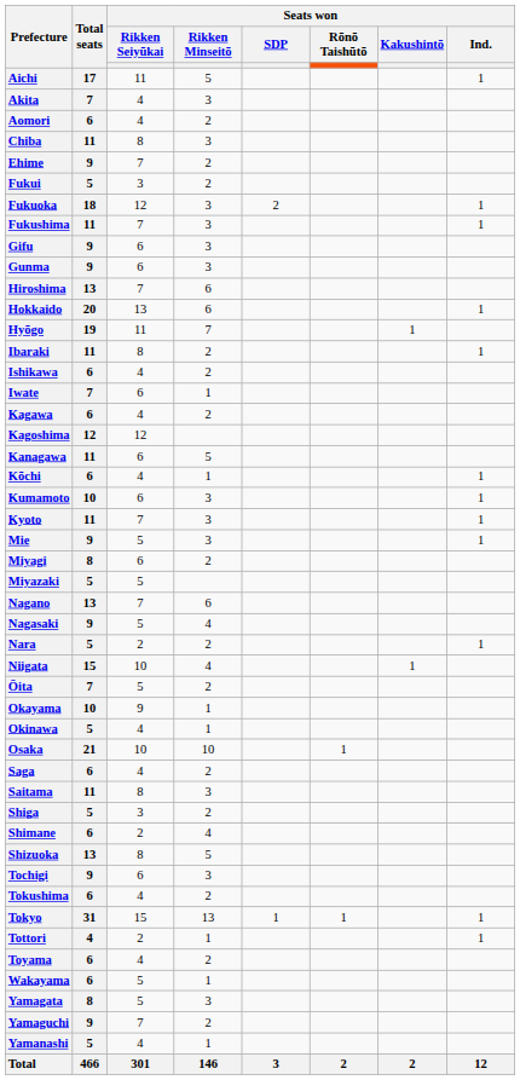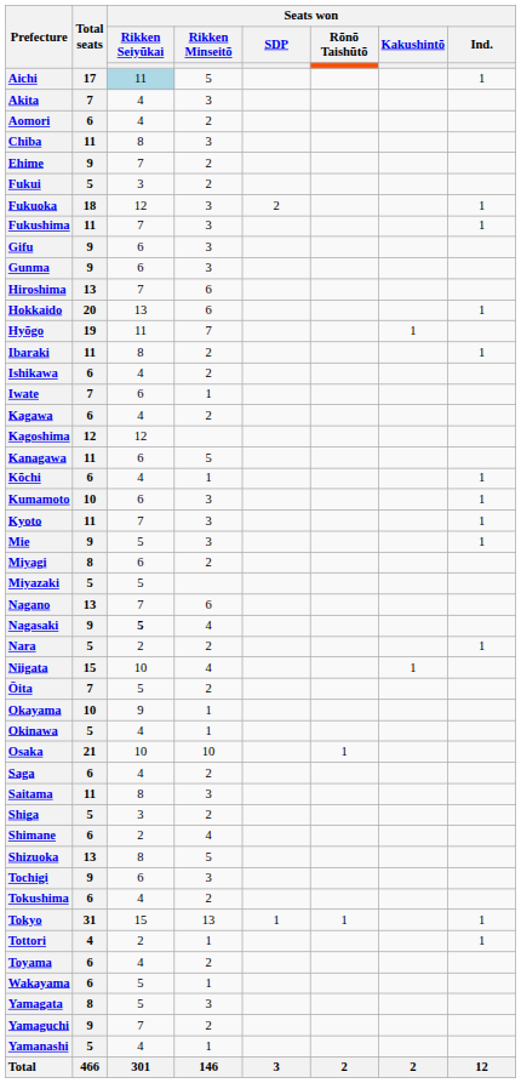 <table class="wikitable" style="text-align:center; font-size: 0.9em;">
 <tr>
 <th rowspan="3">Prefecture</th>
 <th rowspan="3">Total<br>seats</th>
 <th colspan="6">Seats won</th>
 </tr>
 <tr>
 <th class="unsortable" style="width:70px;"><a href='#'>Rikken Seiyūkai</a></th>
 <th class="unsortable" style="width:70px;"><a href='#'>Rikken Minseitō</a></th>
 <th class="unsortable" style="width:70px;"><a href='#'>SDP</a></th>
 <th class="unsortable" style="width:70px;">Rōnō Taishūtō</th>
 <th class="unsortable" style="width:70px;"><a href='#'>Kakushintō</a></th>
 <th class="unsortable" style="width:70px;">Ind.</th>
 </tr>
 <tr>
 <th style="background:"></th>
 <th style="background:"></th>
 <th style="background:"></th>
 <th style="background:#f94f05;"></th>
 <th style="background:"></th>
 <th style="background:"></th>
 </tr>
 <tr>
 <th style="text-align: left;"><a href='#'>Aichi</a></th>
 <th>17</th>
-<td>11</td>
+<td style="background: lightblue;">11</td>
 <td>5</td>
 <td></td>
 <td></td>
 <td></td>
 <td>1</td>
 </tr>
 <tr>
 <th style="text-align: left;"><a href='#'>Akita</a></th>
 <th>7</th>
 <td>4</td>
 <td>3</td>
 <td></td>
 <td></td>
 <td></td>
 <td></td>
 </tr>
 <tr>
 <th style="text-align: left;"><a href='#'>Aomori</a></th>
 <th>6</th>
 <td>4</td>
 <td>2</td>
 <td></td>
 <td></td>
 <td></td>
 <td></td>
 </tr>
 <tr>
 <th style="text-align: left;"><a href='#'>Chiba</a></th>
 <th>11</th>
 <td>8</td>
 <td>3</td>
 <td></td>
 <td></td>
 <td></td>
 <td></td>
 </tr>
 <tr>
 <th style="text-align: left;"><a href='#'>Ehime</a></th>
 <th>9</th>
 <td>7</td>
 <td>2</td>
 <td></td>
 <td></td>
 <td></td>
 <td></td>
 </tr>
 <tr>
 <th style="text-align: left;"><a href='#'>Fukui</a></th>
 <th>5</th>
 <td>3</td>
 <td>2</td>
 <td></td>
 <td></td>
 <td></td>
 <td></td>
 </tr>
 <tr>
 <th style="text-align: left;"><a href='#'>Fukuoka</a></th>
 <th>18</th>
 <td>12</td>
 <td>3</td>
 <td>2</td>
 <td></td>
 <td></td>
 <td>1</td>
 </tr>
 <tr>
 <th style="text-align: left;"><a href='#'>Fukushima</a></th>
 <th>11</th>
 <td>7</td>
 <td>3</td>
 <td></td>
 <td></td>
 <td></td>
 <td>1</td>
 </tr>
 <tr>
 <th style="text-align: left;"><a href='#'>Gifu</a></th>
 <th>9</th>
 <td>6</td>
 <td>3</td>
 <td></td>
 <td></td>
 <td></td>
 <td></td>
 </tr>
 <tr>
 <th style="text-align: left;"><a href='#'>Gunma</a></th>
 <th>9</th>
 <td>6</td>
 <td>3</td>
 <td></td>
 <td></td>
 <td></td>
 <td></td>
 </tr>
 <tr>
 <th style="text-align: left;"><a href='#'>Hiroshima</a></th>
 <th>13</th>
 <td>7</td>
 <td>6</td>
 <td></td>
 <td></td>
 <td></td>
 <td></td>
 </tr>
 <tr>
 <th style="text-align: left;"><a href='#'>Hokkaido</a></th>
 <th>20</th>
 <td>13</td>
 <td>6</td>
 <td></td>
 <td></td>
 <td></td>
 <td>1</td>
 </tr>
 <tr>
 <th style="text-align: left;"><a href='#'>Hyōgo</a></th>
 <th>19</th>
 <td>11</td>
 <td>7</td>
 <td></td>
 <td></td>
 <td>1</td>
 <td></td>
 </tr>
 <tr>
 <th style="text-align: left;"><a href='#'>Ibaraki</a></th>
 <th>11</th>
 <td>8</td>
 <td>2</td>
 <td></td>
 <td></td>
 <td></td>
 <td>1</td>
 </tr>
 <tr>
 <th style="text-align: left;"><a href='#'>Ishikawa</a></th>
 <th>6</th>
 <td>4</td>
 <td>2</td>
 <td></td>
 <td></td>
 <td></td>
 <td></td>
 </tr>
 <tr>
 <th style="text-align: left;"><a href='#'>Iwate</a></th>
 <th>7</th>
 <td>6</td>
 <td>1</td>
 <td></td>
 <td></td>
 <td></td>
 <td></td>
 </tr>
 <tr>
 <th style="text-align: left;"><a href='#'>Kagawa</a></th>
 <th>6</th>
 <td>4</td>
 <td>2</td>
 <td></td>
 <td></td>
 <td></td>
 <td></td>
 </tr>
 <tr>
 <th style="text-align: left;"><a href='#'>Kagoshima</a></th>
 <th>12</th>
 <td>12</td>
 <td></td>
 <td></td>
 <td></td>
 <td></td>
 <td></td>
 </tr>
 <tr>
 <th style="text-align: left;"><a href='#'>Kanagawa</a></th>
 <th>11</th>
 <td>6</td>
 <td>5</td>
 <td></td>
 <td></td>
 <td></td>
 <td></td>
 </tr>
 <tr>
 <th style="text-align: left;"><a href='#'>Kōchi</a></th>
 <th>6</th>
 <td>4</td>
 <td>1</td>
 <td></td>
 <td></td>
 <td></td>
 <td>1</td>
 </tr>
 <tr>
 <th style="text-align: left;"><a href='#'>Kumamoto</a></th>
 <th>10</th>
 <td>6</td>
 <td>3</td>
 <td></td>
 <td></td>
 <td></td>
 <td>1</td>
 </tr>
 <tr>
 <th style="text-align: left;"><a href='#'>Kyoto</a></th>
 <th>11</th>
 <td>7</td>
 <td>3</td>
 <td></td>
 <td></td>
 <td></td>
 <td>1</td>
 </tr>
 <tr>
 <th style="text-align: left;"><a href='#'>Mie</a></th>
 <th>9</th>
 <td>5</td>
 <td>3</td>
 <td></td>
 <td></td>
 <td></td>
 <td>1</td>
 </tr>
 <tr>
 <th style="text-align: left;"><a href='#'>Miyagi</a></th>
 <th>8</th>
 <td>6</td>
 <td>2</td>
 <td></td>
 <td></td>
 <td></td>
 <td></td>
 </tr>
 <tr>
 <th style="text-align: left;"><a href='#'>Miyazaki</a></th>
 <th>5</th>
 <td>5</td>
 <td></td>
 <td></td>
 <td></td>
 <td></td>
 <td></td>
 </tr>
 <tr>
 <th style="text-align: left;"><a href='#'>Nagano</a></th>
 <th>13</th>
 <td>7</td>
 <td>6</td>
 <td></td>
 <td></td>
 <td></td>
 <td></td>
 </tr>
 <tr>
 <th style="text-align: left;"><a href='#'>Nagasaki</a></th>
 <th>9</th>
-<td>5</td>
+<td><strong>5</strong></td>
 <td>4</td>
 <td></td>
 <td></td>
 <td></td>
 <td></td>
 </tr>
 <tr>
 <th style="text-align: left;"><a href='#'>Nara</a></th>
 <th>5</th>
 <td>2</td>
 <td>2</td>
 <td></td>
 <td></td>
 <td></td>
 <td>1</td>
 </tr>
 <tr>
 <th style="text-align: left;"><a href='#'>Niigata</a></th>
 <th>15</th>
 <td>10</td>
 <td>4</td>
 <td></td>
 <td></td>
 <td>1</td>
 <td></td>
 </tr>
 <tr>
 <th style="text-align: left;"><a href='#'>Ōita</a></th>
 <th>7</th>
 <td>5</td>
 <td>2</td>
 <td></td>
 <td></td>
 <td></td>
 <td></td>
 </tr>
 <tr>
 <th style="text-align: left;"><a href='#'>Okayama</a></th>
 <th>10</th>
 <td>9</td>
 <td>1</td>
 <td></td>
 <td></td>
 <td></td>
 <td></td>
 </tr>
 <tr>
 <th style="text-align: left;"><a href='#'>Okinawa</a></th>
 <th>5</th>
 <td>4</td>
 <td>1</td>
 <td></td>
 <td></td>
 <td></td>
 <td></td>
 </tr>
 <tr>
 <th style="text-align: left;"><a href='#'>Osaka</a></th>
 <th>21</th>
 <td>10</td>
 <td>10</td>
 <td></td>
 <td>1</td>
 <td></td>
 <td></td>
 </tr>
 <tr>
 <th style="text-align: left;"><a href='#'>Saga</a></th>
 <th>6</th>
 <td>4</td>
 <td>2</td>
 <td></td>
 <td></td>
 <td></td>
 <td></td>
 </tr>
 <tr>
 <th style="text-align: left;"><a href='#'>Saitama</a></th>
 <th>11</th>
 <td>8</td>
 <td>3</td>
 <td></td>
 <td></td>
 <td></td>
 <td></td>
 </tr>
 <tr>
 <th style="text-align: left;"><a href='#'>Shiga</a></th>
 <th>5</th>
 <td>3</td>
 <td>2</td>
 <td></td>
 <td></td>
 <td></td>
 <td></td>
 </tr>
 <tr>
 <th style="text-align: left;"><a href='#'>Shimane</a></th>
 <th>6</th>
 <td>2</td>
 <td>4</td>
 <td></td>
 <td></td>
 <td></td>
 <td></td>
 </tr>
 <tr>
 <th style="text-align: left;"><a href='#'>Shizuoka</a></th>
 <th>13</th>
 <td>8</td>
 <td>5</td>
 <td></td>
 <td></td>
 <td></td>
 <td></td>
 </tr>
 <tr>
 <th style="text-align: left;"><a href='#'>Tochigi</a></th>
 <th>9</th>
 <td>6</td>
 <td>3</td>
 <td></td>
 <td></td>
 <td></td>
 <td></td>
 </tr>
 <tr>
 <th style="text-align: left;"><a href='#'>Tokushima</a></th>
 <th>6</th>
 <td>4</td>
 <td>2</td>
 <td></td>
 <td></td>
 <td></td>
 <td></td>
 </tr>
 <tr>
 <th style="text-align: left;"><a href='#'>Tokyo</a></th>
 <th>31</th>
 <td>15</td>
 <td>13</td>
 <td>1</td>
 <td>1</td>
 <td></td>
 <td>1</td>
 </tr>
 <tr>
 <th style="text-align: left;"><a href='#'>Tottori</a></th>
 <th>4</th>
 <td>2</td>
 <td>1</td>
 <td></td>
 <td></td>
 <td></td>
 <td>1</td>
 </tr>
 <tr>
 <th style="text-align: left;"><a href='#'>Toyama</a></th>
 <th>6</th>
 <td>4</td>
 <td>2</td>
 <td></td>
 <td></td>
 <td></td>
 <td></td>
 </tr>
 <tr>
 <th style="text-align: left;"><a href='#'>Wakayama</a></th>
 <th>6</th>
 <td>5</td>
 <td>1</td>
 <td></td>
 <td></td>
 <td></td>
 <td></td>
 </tr>
 <tr>
 <th style="text-align: left;"><a href='#'>Yamagata</a></th>
 <th>8</th>
 <td>5</td>
 <td>3</td>
 <td></td>
 <td></td>
 <td></td>
 <td></td>
 </tr>
 <tr>
 <th style="text-align: left;"><a href='#'>Yamaguchi</a></th>
 <th>9</th>
 <td>7</td>
 <td>2</td>
 <td></td>
 <td></td>
 <td></td>
 <td></td>
 </tr>
 <tr>
 <th style="text-align: left;"><a href='#'>Yamanashi</a></th>
 <th>5</th>
 <td>4</td>
 <td>1</td>
 <td></td>
 <td></td>
 <td></td>
 <td></td>
 </tr>
 <tr class="sortbottom">
 <th style="text-align: left;">Total</th>
 <th>466</th>
 <th>301</th>
 <th>146</th>
 <th>3</th>
 <th>2</th>
 <th>2</th>
 <th>12</th>
 </tr>
 </table>
